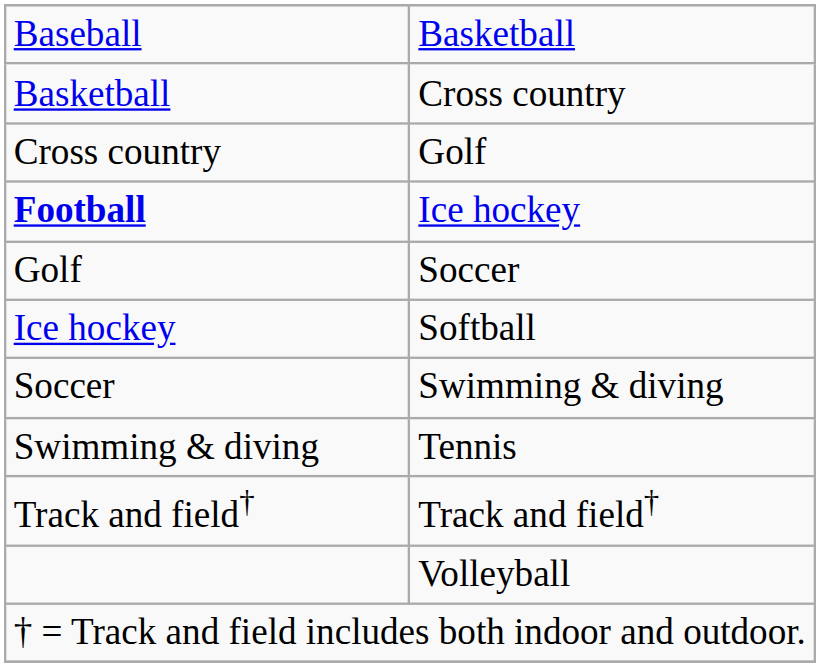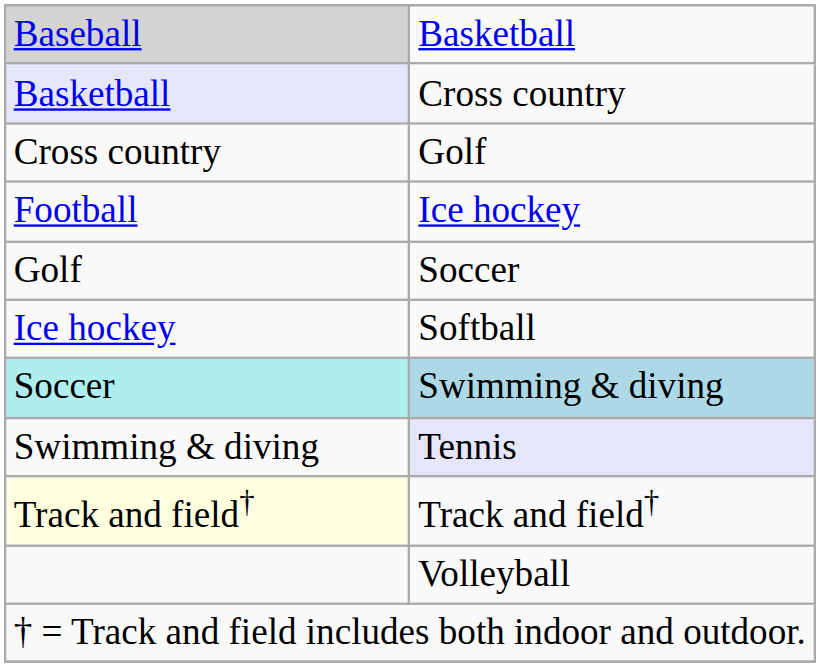 <table class="wikitable">
 <tr>
 </tr>
 <tr>
-<td><a href='#'>Baseball</a></td>
+<td style="background: lightgrey;"><a href='#'>Baseball</a></td>
 <td><a href='#'>Basketball</a></td>
 </tr>
 <tr>
-<td><a href='#'>Basketball</a></td>
+<td style="background: lavender;"><a href='#'>Basketball</a></td>
 <td>Cross country</td>
 </tr>
 <tr>
 <td>Cross country</td>
 <td>Golf</td>
 </tr>
 <tr>
-<td><strong><a href='#'>Football</a></strong></td>
+<td><a href='#'>Football</a></td>
 <td><a href='#'>Ice hockey</a></td>
 </tr>
 <tr>
 <td>Golf</td>
 <td>Soccer</td>
 </tr>
 <tr>
 <td><a href='#'>Ice hockey</a></td>
 <td>Softball</td>
 </tr>
 <tr>
-<td>Soccer</td>
-<td>Swimming & diving</td>
+<td style="background: paleturquoise;">Soccer</td>
+<td style="background: lightblue;">Swimming & diving</td>
 </tr>
 <tr>
 <td>Swimming & diving</td>
-<td>Tennis</td>
+<td style="background: lavender;">Tennis</td>
 </tr>
 <tr>
-<td>Track and field<sup>†</sup></td>
+<td style="background: lightyellow;">Track and field<sup>†</sup></td>
 <td>Track and field<sup>†</sup></td>
 </tr>
 <tr>
 <td></td>
 <td>Volleyball</td>
 </tr>
 <tr>
 <td colspan="2">† = Track and field includes both indoor and outdoor.</td>
 </tr>
 <tr>
 </tr>
 </table>
